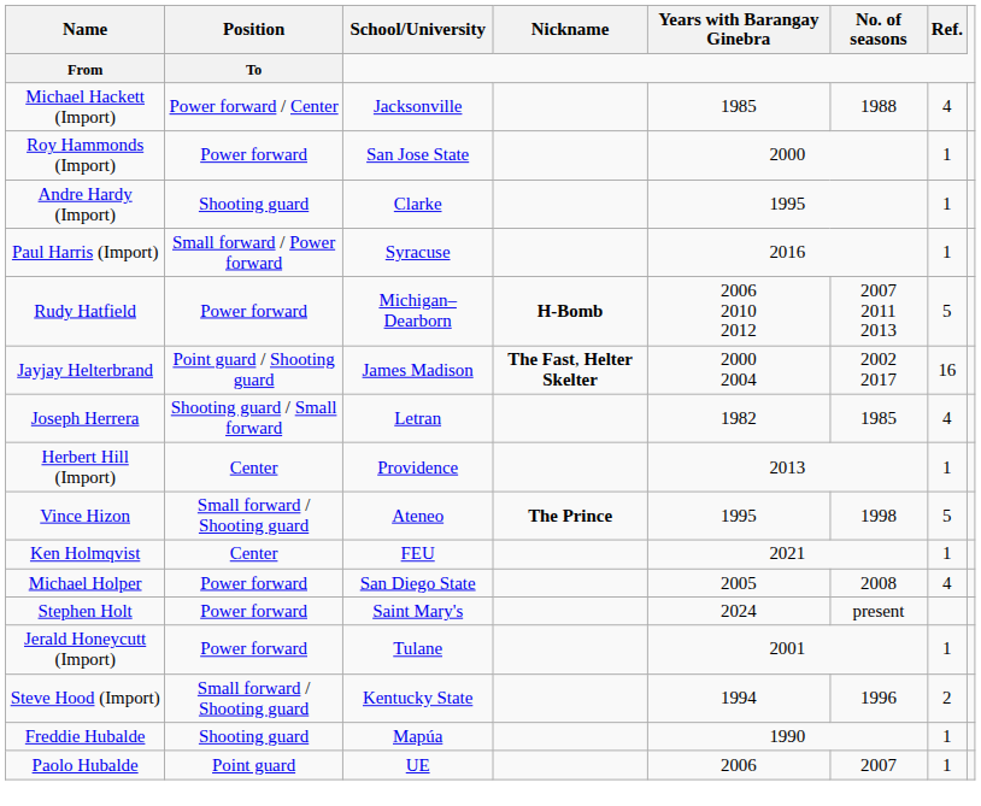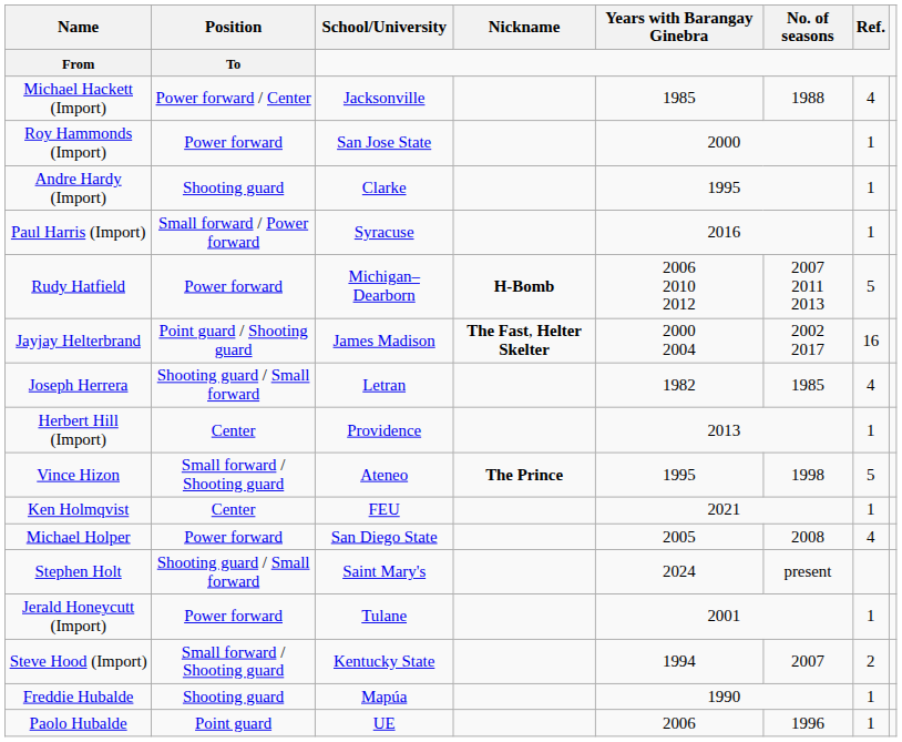 <table class="wikitable sortable" style="text-align:center" width="98%">
 <tr>
 <th>Name</th>
 <th>Position</th>
 <th>School/University</th>
 <th>Nickname</th>
 <th>Years with Barangay Ginebra</th>
 <th>No. of seasons</th>
 <th>Ref.</th>
 </tr>
 <tr>
 <th><small>From</small></th>
 <th><small>To</small></th>
 </tr>
 <tr>
 <td><a href='#'>Michael Hackett</a> (Import)</td>
 <td><a href='#'>Power forward</a> / <a href='#'>Center</a></td>
 <td><a href='#'>Jacksonville</a></td>
 <td></td>
 <td>1985</td>
 <td>1988</td>
 <td>4</td>
 <td></td>
 </tr>
 <tr>
 <td><a href='#'>Roy Hammonds</a> (Import)</td>
 <td><a href='#'>Power forward</a></td>
 <td><a href='#'>San Jose State</a></td>
 <td></td>
 <td colspan="2">2000</td>
 <td>1</td>
 <td></td>
 </tr>
 <tr>
 <td><a href='#'>Andre Hardy</a> (Import)</td>
 <td><a href='#'>Shooting guard</a></td>
 <td><a href='#'>Clarke</a></td>
 <td></td>
 <td colspan="2">1995</td>
 <td>1</td>
 <td></td>
 </tr>
 <tr>
 <td><a href='#'>Paul Harris</a> (Import)</td>
 <td><a href='#'>Small forward</a> / <a href='#'>Power forward</a></td>
 <td><a href='#'>Syracuse</a></td>
 <td></td>
 <td colspan="2">2016</td>
 <td>1</td>
 <td></td>
 </tr>
 <tr>
 <td><a href='#'>Rudy Hatfield</a></td>
 <td><a href='#'>Power forward</a></td>
 <td><a href='#'>Michigan–Dearborn</a></td>
 <td><strong>H-Bomb</strong></td>
 <td>2006<br>2010<br>2012</td>
 <td>2007<br>2011<br>2013</td>
 <td>5</td>
 <td></td>
 </tr>
 <tr>
 <td><a href='#'>Jayjay Helterbrand</a></td>
 <td><a href='#'>Point guard</a> / <a href='#'>Shooting guard</a></td>
 <td><a href='#'>James Madison</a></td>
 <td><strong>The Fast</strong>, <strong>Helter Skelter</strong></td>
 <td>2000<br>2004</td>
 <td>2002<br>2017</td>
 <td>16</td>
 <td></td>
 </tr>
 <tr>
 <td><a href='#'>Joseph Herrera</a></td>
 <td><a href='#'>Shooting guard</a> / <a href='#'>Small forward</a></td>
 <td><a href='#'>Letran</a></td>
 <td></td>
 <td>1982</td>
 <td>1985</td>
 <td>4</td>
 <td></td>
 </tr>
 <tr>
 <td><a href='#'>Herbert Hill</a> (Import)</td>
 <td><a href='#'>Center</a></td>
 <td><a href='#'>Providence</a></td>
 <td></td>
 <td colspan="2">2013</td>
 <td>1</td>
 <td></td>
 </tr>
 <tr>
 <td><a href='#'>Vince Hizon</a></td>
 <td><a href='#'>Small forward</a> / <a href='#'>Shooting guard</a></td>
 <td><a href='#'>Ateneo</a></td>
 <td><strong>The Prince</strong></td>
 <td>1995</td>
 <td>1998</td>
 <td>5</td>
 <td></td>
 </tr>
 <tr>
 <td><a href='#'>Ken Holmqvist</a></td>
 <td><a href='#'>Center</a></td>
 <td><a href='#'>FEU</a></td>
 <td></td>
 <td colspan="2">2021</td>
 <td>1</td>
 <td></td>
 </tr>
 <tr>
 <td><a href='#'>Michael Holper</a></td>
 <td><a href='#'>Power forward</a></td>
 <td><a href='#'>San Diego State</a></td>
 <td></td>
 <td>2005</td>
 <td>2008</td>
 <td>4</td>
 <td></td>
 </tr>
 <tr>
 <td><a href='#'>Stephen Holt</a></td>
-<td><a href='#'>Power forward</a></td>
+<td><a href='#'>Shooting guard</a> / <a href='#'>Small forward</a></td>
 <td><a href='#'>Saint Mary's</a></td>
 <td></td>
 <td>2024</td>
 <td>present</td>
 <td></td>
 <td></td>
 </tr>
 <tr>
 <td><a href='#'>Jerald Honeycutt</a> (Import)</td>
 <td><a href='#'>Power forward</a></td>
 <td><a href='#'>Tulane</a></td>
 <td></td>
 <td colspan="2">2001</td>
 <td>1</td>
 <td></td>
 </tr>
 <tr>
 <td><a href='#'>Steve Hood</a> (Import)</td>
 <td><a href='#'>Small forward</a> / <a href='#'>Shooting guard</a></td>
 <td><a href='#'>Kentucky State</a></td>
 <td></td>
 <td>1994</td>
-<td>1996</td>
+<td>2007</td>
 <td>2</td>
 <td></td>
 </tr>
 <tr>
 <td><a href='#'>Freddie Hubalde</a></td>
 <td><a href='#'>Shooting guard</a></td>
 <td><a href='#'>Mapúa</a></td>
 <td></td>
 <td colspan="2">1990</td>
 <td>1</td>
 <td></td>
 </tr>
 <tr>
 <td><a href='#'>Paolo Hubalde</a></td>
 <td><a href='#'>Point guard</a></td>
 <td><a href='#'>UE</a></td>
 <td></td>
 <td>2006</td>
-<td>2007</td>
+<td>1996</td>
 <td>1</td>
 <td></td>
 </tr>
 </table>
